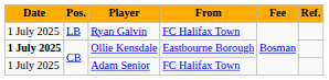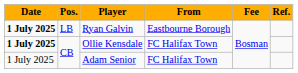 <table class="wikitable plainrowheaders sortable">
 <tr>
 <th style="background:#FFAD00; color:#000000;">Date</th>
 <th style="background:#FFAD00; color:#000000;">Pos.</th>
 <th style="background:#FFAD00; color:#000000;">Player</th>
 <th style="background:#FFAD00; color:#000000;">From</th>
 <th style="background:#FFAD00; color:#000000;">Fee</th>
 <th style="background:#FFAD00; color:#000000;">Ref.</th>
 </tr>
 <tr>
-<td>1 July 2025</td>
+<td><strong>1 July 2025</strong></td>
 <td><a href='#'>LB</a></td>
 <td> <a href='#'>Ryan Galvin</a></td>
-<td> <a href='#'>FC Halifax Town</a></td>
+<td> <a href='#'>Eastbourne Borough</a></td>
 <td rowspan="3"><a href='#'>Bosman</a></td>
 <td></td>
 </tr>
 <tr>
 <td><strong>1 July 2025</strong></td>
 <td rowspan="2"><a href='#'>CB</a></td>
 <td> <a href='#'>Ollie Kensdale</a></td>
-<td> <a href='#'>Eastbourne Borough</a></td>
+<td> <a href='#'>FC Halifax Town</a></td>
 <td></td>
 </tr>
 <tr>
 <td>1 July 2025</td>
 <td> <a href='#'>Adam Senior</a></td>
 <td> <a href='#'>FC Halifax Town</a></td>
 <td></td>
 </tr>
 </table>
